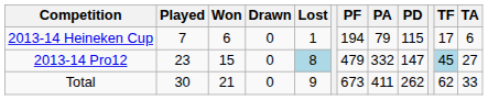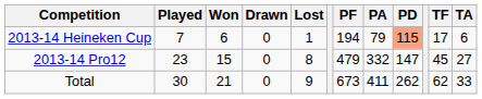 <table class="wikitable">
 <tr>
 <th>Competition</th>
 <th>Played</th>
 <th>Won</th>
 <th>Drawn</th>
 <th>Lost</th>
 <th rowspan="4"></th>
 <th>PF</th>
 <th>PA</th>
 <th>PD</th>
 <th rowspan="4"></th>
 <th>TF</th>
 <th>TA</th>
 </tr>
 <tr align=center>
 <td><a href='#'>2013-14 Heineken Cup</a></td>
 <td>7</td>
 <td>6</td>
 <td>0</td>
 <td>1</td>
 <td>194</td>
 <td>79</td>
-<td>115</td>
+<td style="background: lightsalmon;">115</td>
 <td>17</td>
 <td>6</td>
 </tr>
 <tr align=center>
 <td><a href='#'>2013-14 Pro12</a></td>
 <td>23</td>
 <td>15</td>
 <td>0</td>
-<td style="background: lightblue;">8</td>
+<td>8</td>
 <td>479</td>
 <td>332</td>
 <td>147</td>
-<td style="background: lightblue;">45</td>
+<td>45</td>
 <td>27</td>
 </tr>
 <tr align=center>
 <td>Total</td>
 <td>30</td>
 <td>21</td>
 <td>0</td>
 <td>9</td>
 <td>673</td>
 <td>411</td>
 <td>262</td>
 <td>62</td>
 <td>33</td>
 </tr>
 </table>
